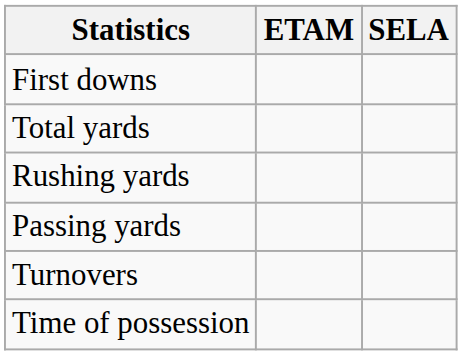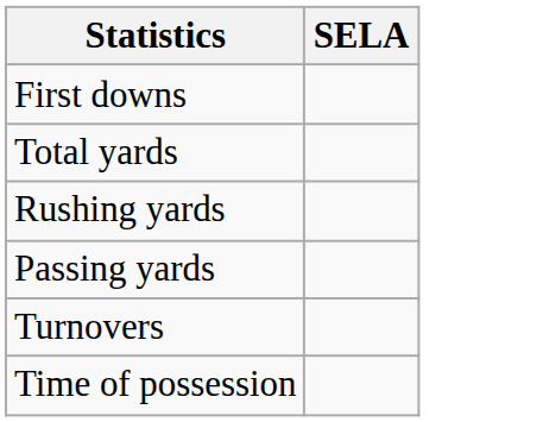 <table class="wikitable" style="float:left">
 <tr>
 <th>Statistics</th>
-<th>ETAM</th>
 <th>SELA</th>
 </tr>
 <tr>
 <td>First downs</td>
 <td></td>
-<td></td>
 </tr>
 <tr>
 <td>Total yards</td>
-<td></td>
 <td></td>
 </tr>
 <tr>
 <td>Rushing yards</td>
 <td></td>
-<td></td>
 </tr>
 <tr>
 <td>Passing yards</td>
-<td></td>
 <td></td>
 </tr>
 <tr>
 <td>Turnovers</td>
 <td></td>
-<td></td>
 </tr>
 <tr>
 <td>Time of possession</td>
 <td></td>
-<td></td>
 </tr>
 </table>
